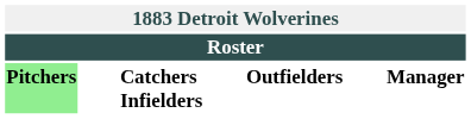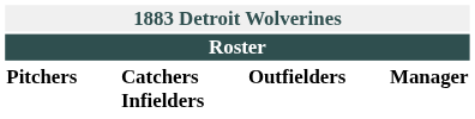 <table class="toccolours" style="font-size: 95%;">
 <tr>
 <th colspan="10" style="background-color: #F0F0F0; color: #2F4F4F; text-align: center;">1883 Detroit Wolverines</th>
 </tr>
 <tr>
 <td colspan="10" style="background-color: #2F4F4F; color: white; text-align: center;"><strong>Roster</strong></td>
 </tr>
 <tr>
-<td valign="top" style="background: lightgreen;"><strong>Pitchers</strong><br>    </td>
+<td valign="top"><strong>Pitchers</strong><br>    </td>
 <td width="25px"></td>
 <td valign="top"><strong>Catchers</strong><br> <strong>Infielders</strong>     </td>
 <td width="25px"></td>
 <td valign="top"><strong>Outfielders</strong><br>    </td>
 <td width="25px"></td>
 <td valign="top"><strong>Manager</strong><br></td>
 </tr>
 </table>
